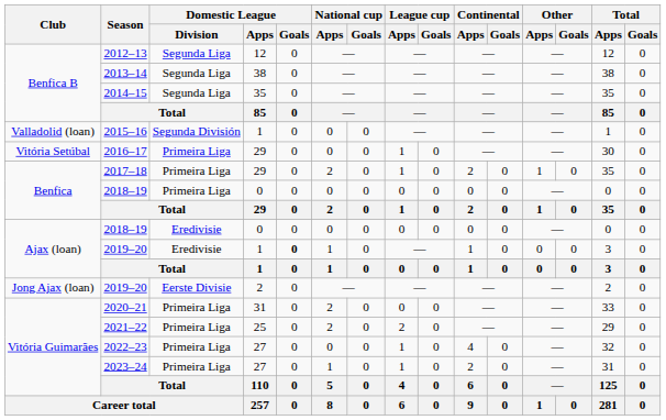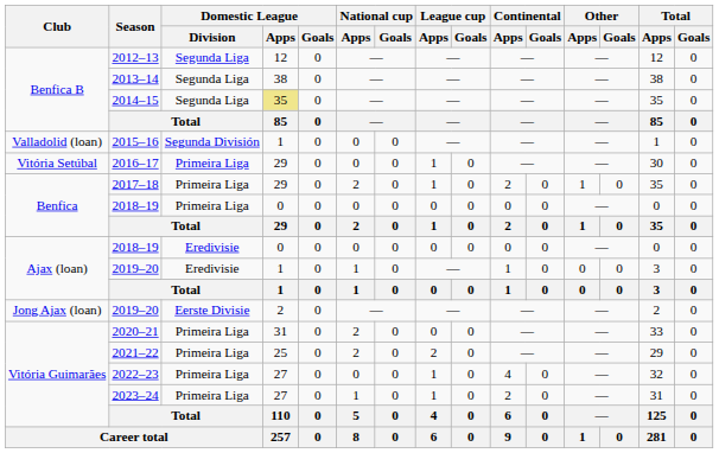 <table class="wikitable" style="text-align: center">
 <tr>
 <th rowspan="2">Club</th>
 <th rowspan="2">Season</th>
 <th colspan="3">Domestic League</th>
 <th colspan="2">National cup</th>
 <th colspan="2">League cup</th>
 <th colspan="2">Continental</th>
 <th colspan="2">Other</th>
 <th colspan="2">Total</th>
 </tr>
 <tr>
 <th>Division</th>
 <th>Apps</th>
 <th>Goals</th>
 <th>Apps</th>
 <th>Goals</th>
 <th>Apps</th>
 <th>Goals</th>
 <th>Apps</th>
 <th>Goals</th>
 <th>Apps</th>
 <th>Goals</th>
 <th>Apps</th>
 <th>Goals</th>
 </tr>
 <tr>
 <td rowspan="4"><a href='#'>Benfica B</a></td>
 <td><a href='#'>2012–13</a></td>
 <td><a href='#'>Segunda Liga</a></td>
 <td>12</td>
 <td>0</td>
 <td colspan="2">—</td>
 <td colspan="2">—</td>
 <td colspan="2">—</td>
 <td colspan="2">—</td>
 <td>12</td>
 <td>0</td>
 </tr>
 <tr>
 <td><a href='#'>2013–14</a></td>
 <td>Segunda Liga</td>
 <td>38</td>
 <td>0</td>
 <td colspan="2">—</td>
 <td colspan="2">—</td>
 <td colspan="2">—</td>
 <td colspan="2">—</td>
 <td>38</td>
 <td>0</td>
 </tr>
 <tr>
 <td><a href='#'>2014–15</a></td>
 <td>Segunda Liga</td>
-<td>35</td>
+<td style="background: khaki;">35</td>
 <td>0</td>
 <td colspan="2">—</td>
 <td colspan="2">—</td>
 <td colspan="2">—</td>
 <td colspan="2">—</td>
 <td>35</td>
 <td>0</td>
 </tr>
 <tr>
 <th colspan="2">Total</th>
 <th>85</th>
 <th>0</th>
 <th colspan="2">—</th>
 <th colspan="2">—</th>
 <th colspan="2">—</th>
 <th colspan="2">—</th>
 <th>85</th>
 <th>0</th>
 </tr>
 <tr>
 <td><a href='#'>Valladolid</a> (loan)</td>
 <td><a href='#'>2015–16</a></td>
 <td><a href='#'>Segunda División</a></td>
 <td>1</td>
 <td>0</td>
 <td>0</td>
 <td>0</td>
 <td colspan="2">—</td>
 <td colspan="2">—</td>
 <td colspan="2">—</td>
 <td>1</td>
 <td>0</td>
 </tr>
 <tr>
 <td><a href='#'>Vitória Setúbal</a></td>
 <td><a href='#'>2016–17</a></td>
 <td><a href='#'>Primeira Liga</a></td>
 <td>29</td>
 <td>0</td>
 <td>0</td>
 <td>0</td>
 <td>1</td>
 <td>0</td>
 <td colspan="2">—</td>
 <td colspan="2">—</td>
 <td>30</td>
 <td>0</td>
 </tr>
 <tr>
 <td rowspan="3"><a href='#'>Benfica</a></td>
 <td><a href='#'>2017–18</a></td>
 <td>Primeira Liga</td>
 <td>29</td>
 <td>0</td>
 <td>2</td>
 <td>0</td>
 <td>1</td>
 <td>0</td>
 <td>2</td>
 <td>0</td>
 <td>1</td>
 <td>0</td>
 <td>35</td>
 <td>0</td>
 </tr>
 <tr>
 <td><a href='#'>2018–19</a></td>
 <td>Primeira Liga</td>
 <td>0</td>
 <td>0</td>
 <td>0</td>
 <td>0</td>
 <td>0</td>
 <td>0</td>
 <td>0</td>
 <td>0</td>
 <td colspan="2">—</td>
 <td>0</td>
 <td>0</td>
 </tr>
 <tr>
 <th colspan="2">Total</th>
 <th>29</th>
 <th>0</th>
 <th>2</th>
 <th>0</th>
 <th>1</th>
 <th>0</th>
 <th>2</th>
 <th>0</th>
 <th>1</th>
 <th>0</th>
 <th>35</th>
 <th>0</th>
 </tr>
 <tr>
 <td rowspan="3"><a href='#'>Ajax</a> (loan)</td>
 <td><a href='#'>2018–19</a></td>
 <td><a href='#'>Eredivisie</a></td>
 <td>0</td>
 <td>0</td>
 <td>0</td>
 <td>0</td>
 <td>0</td>
 <td>0</td>
 <td>0</td>
 <td>0</td>
 <td colspan="2">—</td>
 <td>0</td>
 <td>0</td>
 </tr>
 <tr>
 <td><a href='#'>2019–20</a></td>
 <td>Eredivisie</td>
 <td>1</td>
-<td><strong>0</strong></td>
+<td>0</td>
 <td>1</td>
 <td>0</td>
 <td colspan="2">—</td>
 <td>1</td>
 <td>0</td>
 <td>0</td>
 <td>0</td>
 <td>3</td>
 <td>0</td>
 </tr>
 <tr>
 <th colspan="2">Total</th>
 <th>1</th>
 <th>0</th>
 <th>1</th>
 <th>0</th>
 <th>0</th>
 <th>0</th>
 <th>1</th>
 <th>0</th>
 <th>0</th>
 <th>0</th>
 <th>3</th>
 <th>0</th>
 </tr>
 <tr>
 <td><a href='#'>Jong Ajax</a> (loan)</td>
 <td><a href='#'>2019–20</a></td>
 <td><a href='#'>Eerste Divisie</a></td>
 <td>2</td>
 <td>0</td>
 <td colspan="2">—</td>
 <td colspan="2">—</td>
 <td colspan="2">—</td>
 <td colspan="2">—</td>
 <td>2</td>
 <td>0</td>
 </tr>
 <tr>
 <td rowspan="5"><a href='#'>Vitória Guimarães</a></td>
 <td><a href='#'>2020–21</a></td>
 <td>Primeira Liga</td>
 <td>31</td>
 <td>0</td>
 <td>2</td>
 <td>0</td>
 <td>0</td>
 <td>0</td>
 <td colspan="2">—</td>
 <td colspan="2">—</td>
 <td>33</td>
 <td>0</td>
 </tr>
 <tr>
 <td><a href='#'>2021–22</a></td>
 <td>Primeira Liga</td>
 <td>25</td>
 <td>0</td>
 <td>2</td>
 <td>0</td>
 <td>2</td>
 <td>0</td>
 <td colspan="2">—</td>
 <td colspan="2">—</td>
 <td>29</td>
 <td>0</td>
 </tr>
 <tr>
 <td><a href='#'>2022–23</a></td>
 <td>Primeira Liga</td>
 <td>27</td>
 <td>0</td>
 <td>0</td>
 <td>0</td>
 <td>1</td>
 <td>0</td>
 <td>4</td>
 <td>0</td>
 <td colspan="2">—</td>
 <td>32</td>
 <td>0</td>
 </tr>
 <tr>
 <td><a href='#'>2023–24</a></td>
 <td>Primeira Liga</td>
 <td>27</td>
 <td>0</td>
 <td>1</td>
 <td>0</td>
 <td>1</td>
 <td>0</td>
 <td>2</td>
 <td>0</td>
 <td colspan="2">—</td>
 <td>31</td>
 <td>0</td>
 </tr>
 <tr>
 <th colspan="2">Total</th>
 <th>110</th>
 <th>0</th>
 <th>5</th>
 <th>0</th>
 <th>4</th>
 <th>0</th>
 <th>6</th>
 <th>0</th>
 <th colspan="2">—</th>
 <th>125</th>
 <th>0</th>
 </tr>
 <tr>
 <th colspan="3">Career total</th>
 <th>257</th>
 <th>0</th>
 <th>8</th>
 <th>0</th>
 <th>6</th>
 <th>0</th>
 <th>9</th>
 <th>0</th>
 <th>1</th>
 <th>0</th>
 <th>281</th>
 <th>0</th>
 </tr>
 </table>
